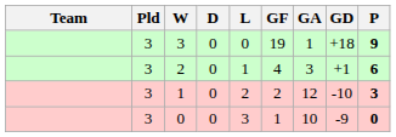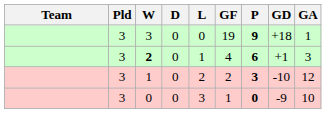 <table class="wikitable">
 <tr>
 <th width=120>Team</th>
 <th width=25>Pld</th>
 <th width=25>W</th>
 <th width=25>D</th>
 <th width=25>L</th>
 <th width=25>GF</th>
+<th width=25>P</th>
+<th width=25>GD</th>
 <th width=25>GA</th>
-<th width=25>GD</th>
-<th width=25>P</th>
 </tr>
 <tr align=center bgcolor=#ccffcc>
 <td align=left></td>
 <td>3</td>
 <td>3</td>
 <td>0</td>
 <td>0</td>
 <td>19</td>
+<td><strong>9</strong></td>
+<td>+18</td>
 <td>1</td>
-<td>+18</td>
-<td><strong>9</strong></td>
 </tr>
 <tr align=center bgcolor=#ccffcc>
 <td align=left></td>
 <td>3</td>
-<td>2</td>
+<td><strong>2</strong></td>
 <td>0</td>
 <td>1</td>
 <td>4</td>
+<td><strong>6</strong></td>
+<td>+1</td>
 <td>3</td>
-<td>+1</td>
-<td><strong>6</strong></td>
 </tr>
 <tr align=center bgcolor=#ffcccc>
 <td align=left></td>
 <td>3</td>
 <td>1</td>
 <td>0</td>
 <td>2</td>
 <td>2</td>
+<td><strong>3</strong></td>
+<td>-10</td>
 <td>12</td>
-<td>-10</td>
-<td><strong>3</strong></td>
 </tr>
 <tr align=center bgcolor=#ffcccc>
 <td align=left></td>
 <td>3</td>
 <td>0</td>
 <td>0</td>
 <td>3</td>
 <td>1</td>
+<td><strong>0</strong></td>
+<td>-9</td>
 <td>10</td>
-<td>-9</td>
-<td><strong>0</strong></td>
 </tr>
 </table>
